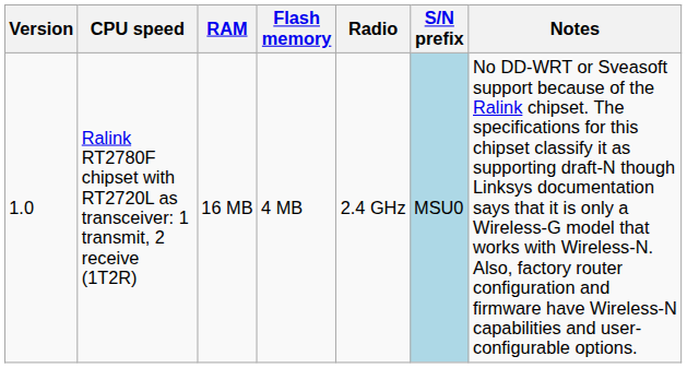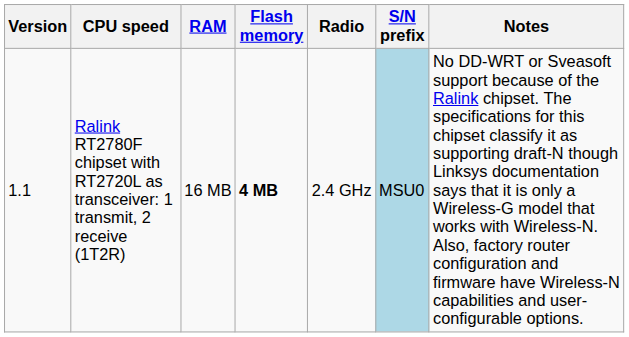 <table class="wikitable">
 <tr>
 <th>Version</th>
 <th>CPU speed</th>
 <th><a href='#'>RAM</a></th>
 <th><a href='#'>Flash memory</a></th>
 <th>Radio</th>
 <th><a href='#'>S/N</a> prefix</th>
 <th>Notes</th>
 </tr>
 <tr>
-<td>1.0</td>
+<td>1.1</td>
 <td><a href='#'>Ralink</a> RT2780F chipset with RT2720L as transceiver: 1 transmit, 2 receive (1T2R)</td>
 <td>16 MB</td>
-<td>4 MB</td>
+<td><strong>4 MB</strong></td>
 <td>2.4 GHz</td>
 <td style="background: lightblue;">MSU0</td>
 <td>No DD-WRT or Sveasoft support because of the <a href='#'>Ralink</a> chipset. The specifications for this chipset classify it as supporting draft-N though Linksys documentation says that it is only a Wireless-G model that works with Wireless-N. Also, factory router configuration and firmware have Wireless-N capabilities and user-configurable options.</td>
 </tr>
 </table>
